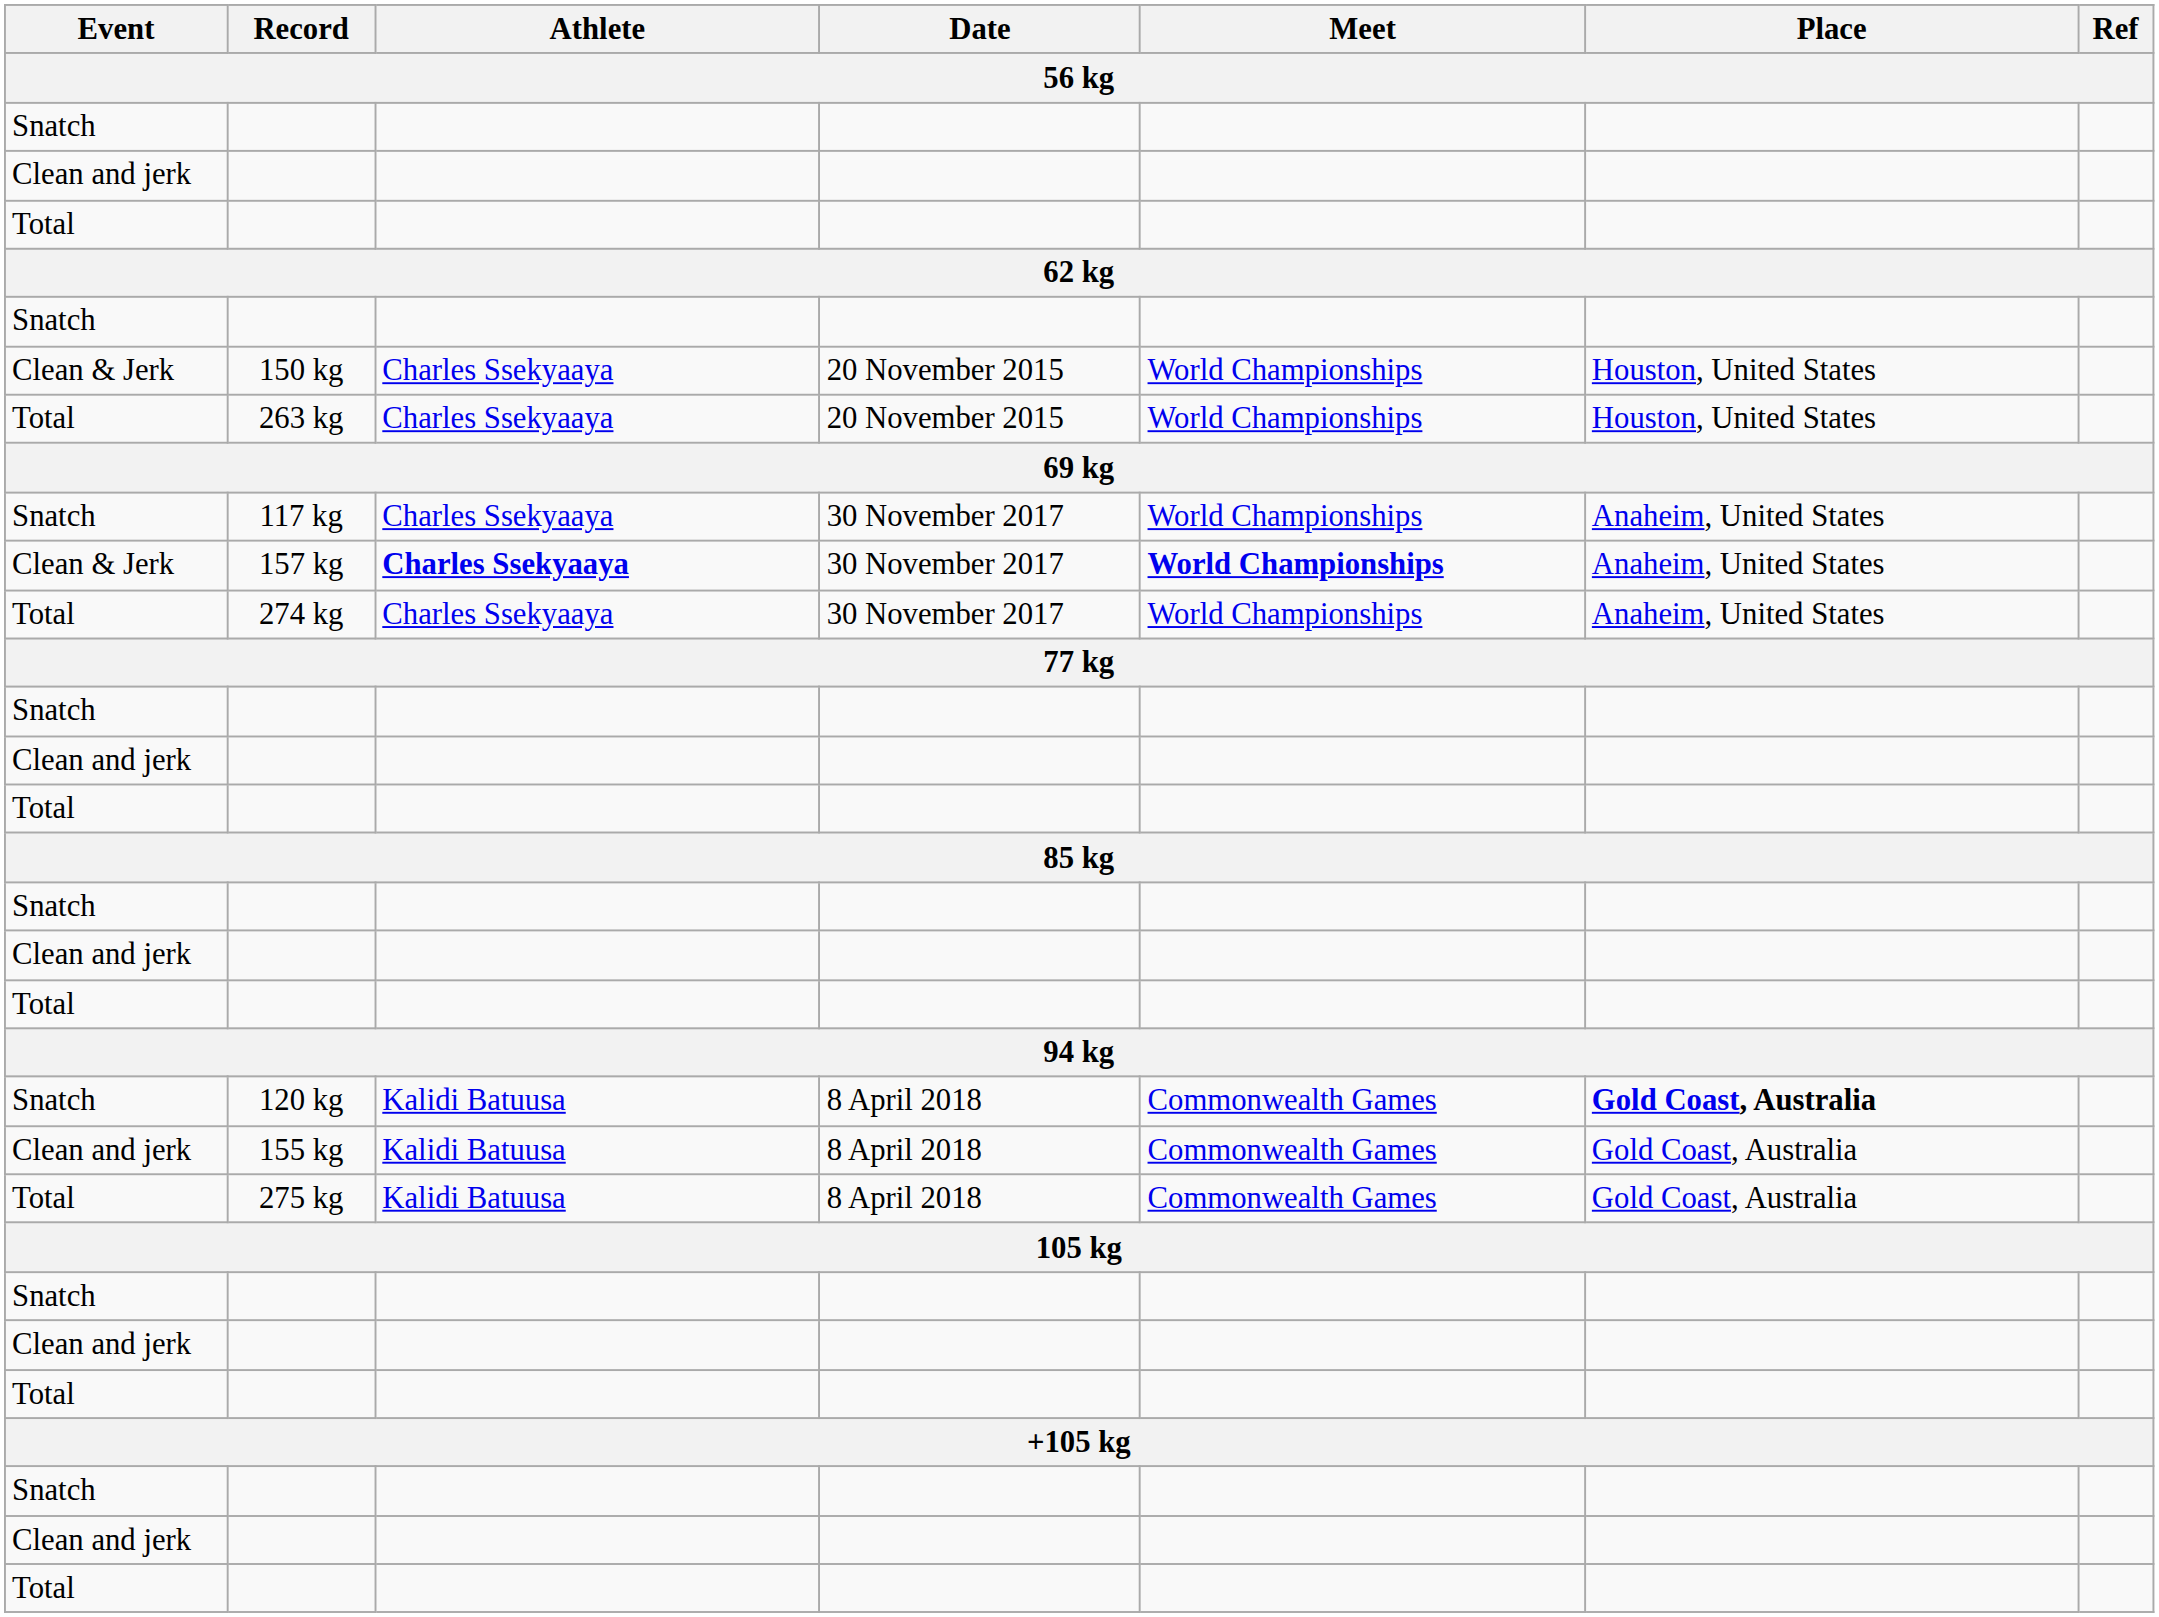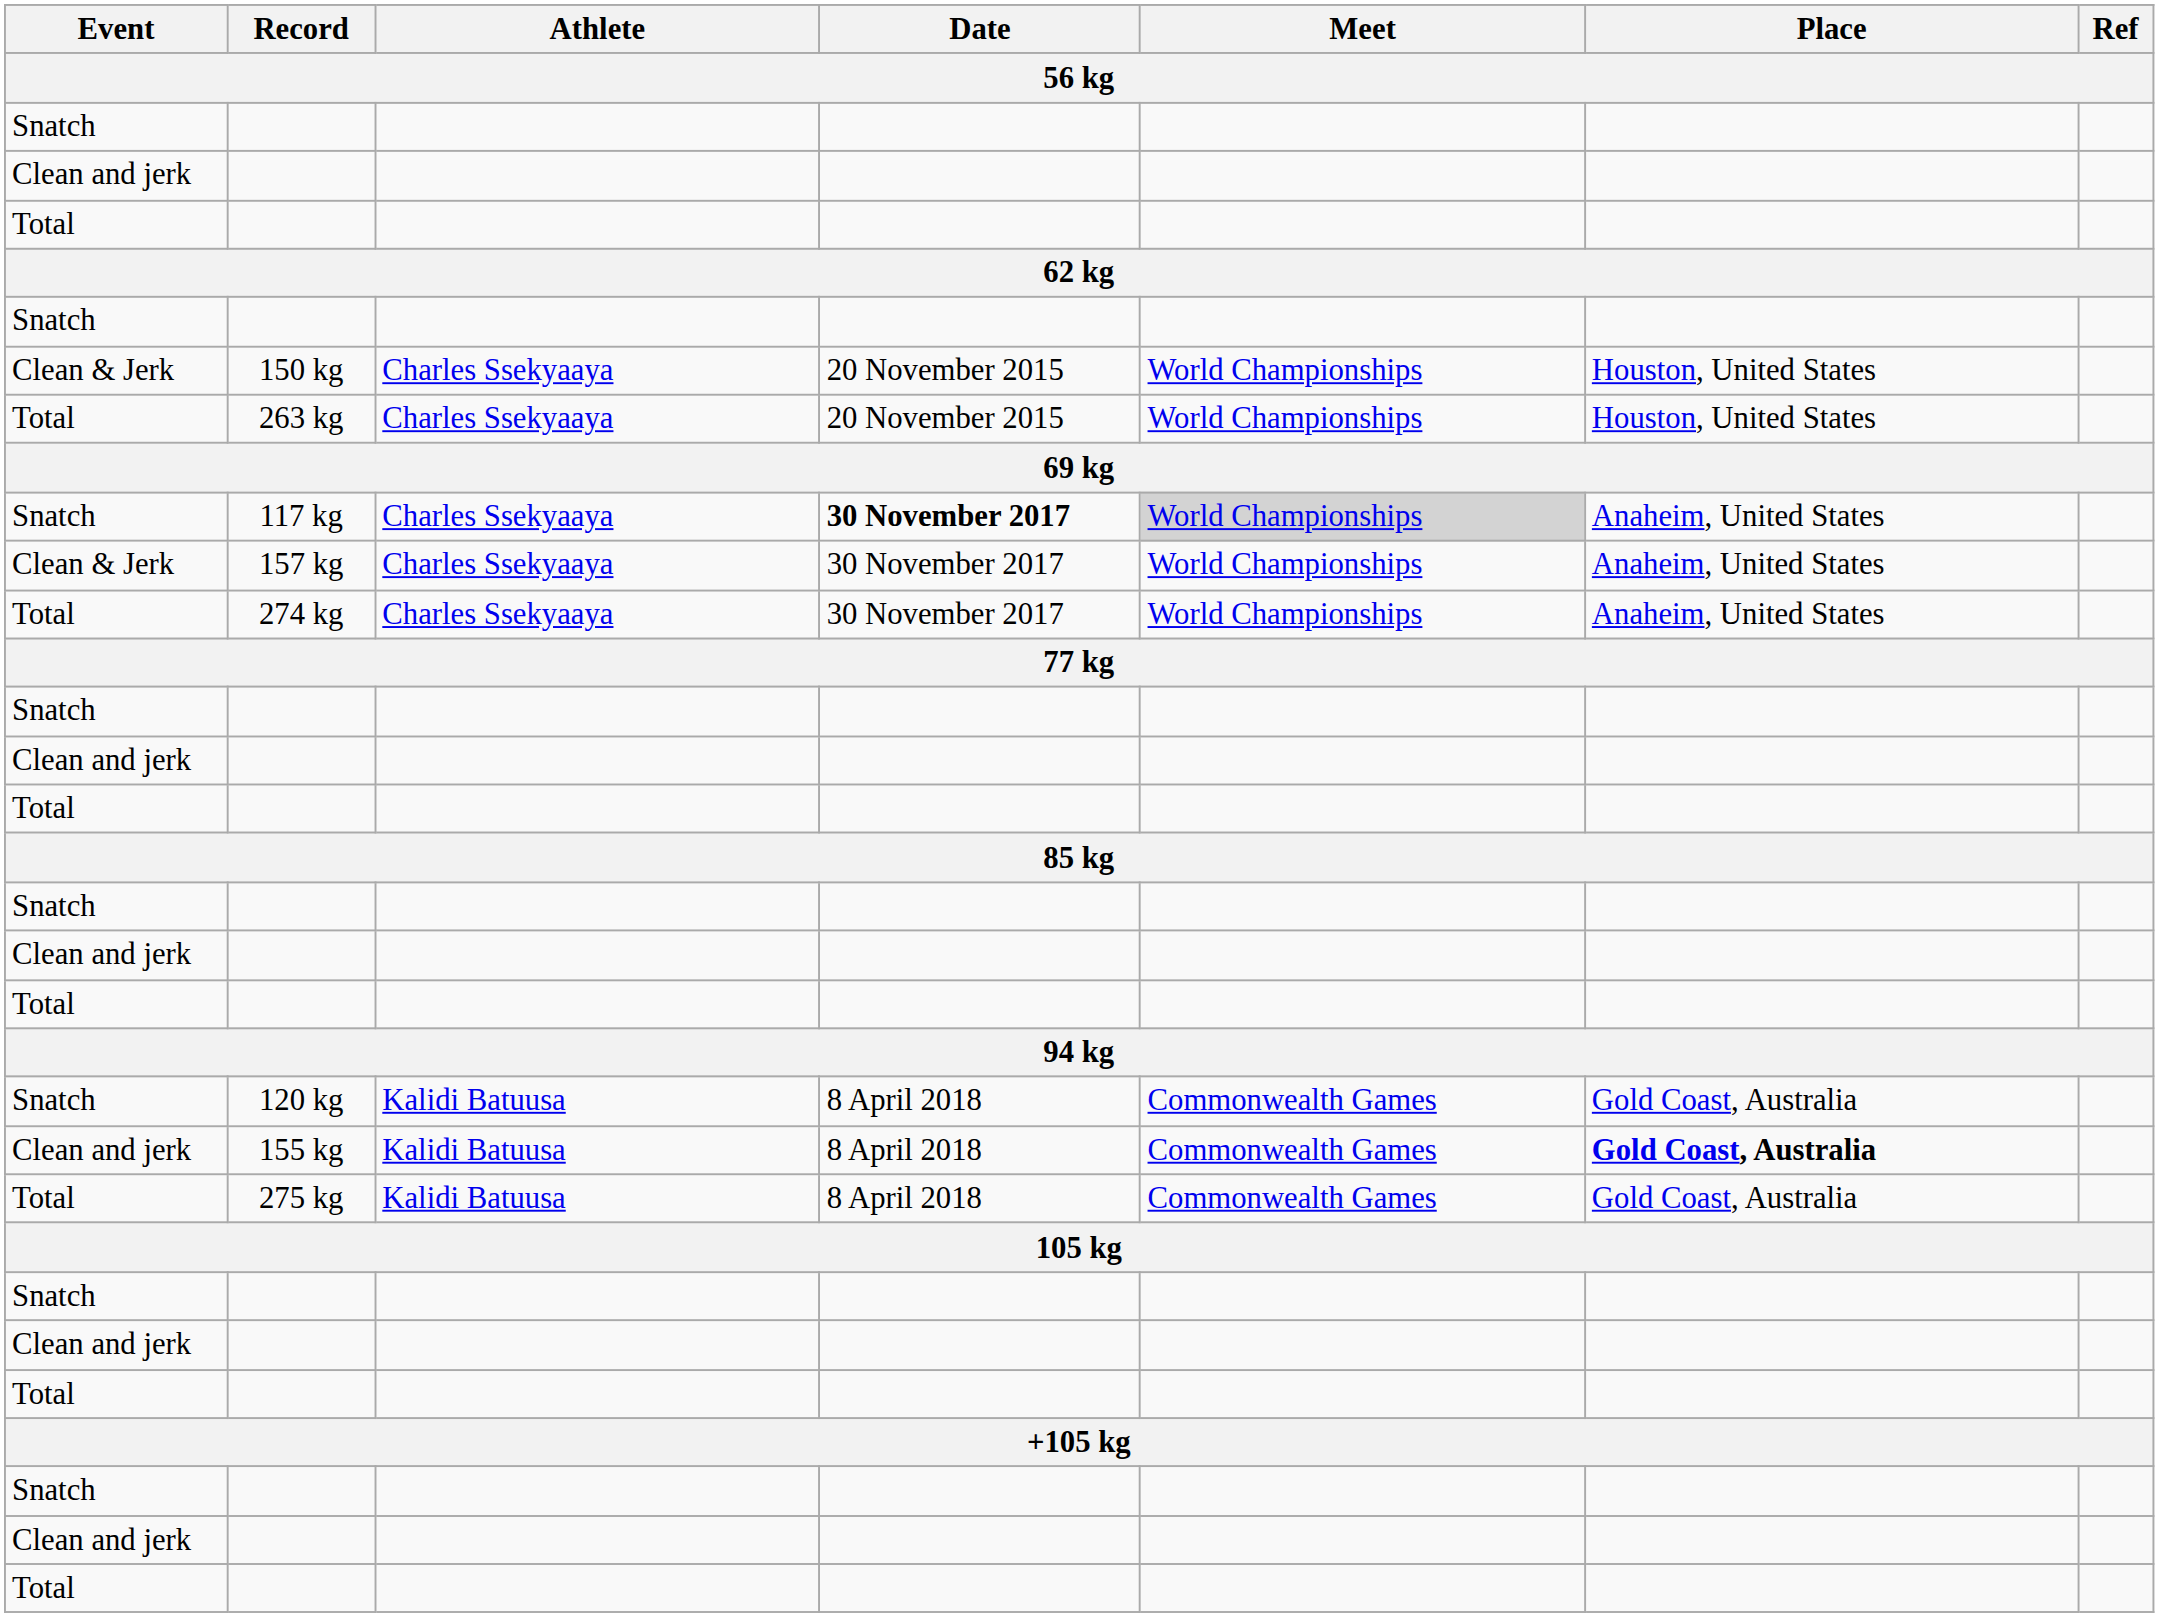 <table class="wikitable">
 <tr>
 <th width=9%>Event</th>
 <th width=6%>Record</th>
 <th width=18%>Athlete</th>
 <th width=13%>Date</th>
 <th width=18%>Meet</th>
 <th width=20%>Place</th>
 <th width=3%>Ref</th>
 </tr>
 <tr bgcolor="#DDDDDD">
 <th colspan="8">56 kg</th>
 </tr>
 <tr>
 <td>Snatch</td>
 <td></td>
 <td></td>
 <td></td>
 <td></td>
 <td></td>
 <td></td>
 </tr>
 <tr>
 <td>Clean and jerk</td>
 <td></td>
 <td></td>
 <td></td>
 <td></td>
 <td></td>
 <td></td>
 </tr>
 <tr>
 <td>Total</td>
 <td></td>
 <td></td>
 <td></td>
 <td></td>
 <td></td>
 <td></td>
 </tr>
 <tr bgcolor="#DDDDDD">
 <th colspan="8">62 kg</th>
 </tr>
 <tr>
 <td>Snatch</td>
 <td></td>
 <td></td>
 <td></td>
 <td></td>
 <td></td>
 <td></td>
 </tr>
 <tr>
 <td>Clean & Jerk</td>
 <td align="center">150 kg</td>
 <td><a href='#'>Charles Ssekyaaya</a></td>
 <td>20 November 2015</td>
 <td><a href='#'>World Championships</a></td>
 <td><a href='#'>Houston</a>, United States</td>
 <td></td>
 </tr>
 <tr>
 <td>Total</td>
 <td align="center">263 kg</td>
 <td><a href='#'>Charles Ssekyaaya</a></td>
 <td>20 November 2015</td>
 <td><a href='#'>World Championships</a></td>
 <td><a href='#'>Houston</a>, United States</td>
 <td></td>
 </tr>
 <tr bgcolor="#DDDDDD">
 <th colspan="8">69 kg</th>
 </tr>
 <tr>
 <td>Snatch</td>
 <td align="center">117 kg</td>
 <td><a href='#'>Charles Ssekyaaya</a></td>
-<td>30 November 2017</td>
-<td><a href='#'>World Championships</a></td>
+<td><strong>30 November 2017</strong></td>
+<td style="background: lightgrey;"><a href='#'>World Championships</a></td>
 <td><a href='#'>Anaheim</a>, United States</td>
 <td></td>
 </tr>
 <tr>
 <td>Clean & Jerk</td>
 <td align="center">157 kg</td>
-<td><strong><a href='#'>Charles Ssekyaaya</a></strong></td>
+<td><a href='#'>Charles Ssekyaaya</a></td>
 <td>30 November 2017</td>
-<td><strong><a href='#'>World Championships</a></strong></td>
+<td><a href='#'>World Championships</a></td>
 <td><a href='#'>Anaheim</a>, United States</td>
 <td></td>
 </tr>
 <tr>
 <td>Total</td>
 <td align="center">274 kg</td>
 <td><a href='#'>Charles Ssekyaaya</a></td>
 <td>30 November 2017</td>
 <td><a href='#'>World Championships</a></td>
 <td><a href='#'>Anaheim</a>, United States</td>
 <td></td>
 </tr>
 <tr bgcolor="#DDDDDD">
 <th colspan="8">77 kg</th>
 </tr>
 <tr>
 <td>Snatch</td>
 <td></td>
 <td></td>
 <td></td>
 <td></td>
 <td></td>
 <td></td>
 </tr>
 <tr>
 <td>Clean and jerk</td>
 <td align="center"></td>
 <td></td>
 <td></td>
 <td></td>
 <td></td>
 <td></td>
 </tr>
 <tr>
 <td>Total</td>
 <td></td>
 <td></td>
 <td></td>
 <td></td>
 <td></td>
 <td></td>
 </tr>
 <tr bgcolor="#DDDDDD">
 <th colspan="8">85 kg</th>
 </tr>
 <tr>
 <td>Snatch</td>
 <td align="center"></td>
 <td></td>
 <td></td>
 <td></td>
 <td></td>
 <td></td>
 </tr>
 <tr>
 <td>Clean and jerk</td>
 <td align="center"></td>
 <td></td>
 <td></td>
 <td></td>
 <td></td>
 <td></td>
 </tr>
 <tr>
 <td>Total</td>
 <td align="center"></td>
 <td></td>
 <td></td>
 <td></td>
 <td></td>
 <td></td>
 </tr>
 <tr bgcolor="#DDDDDD">
 <th colspan="8">94 kg</th>
 </tr>
 <tr>
 <td>Snatch</td>
 <td align="center">120 kg</td>
 <td><a href='#'>Kalidi Batuusa</a></td>
 <td>8 April 2018</td>
 <td><a href='#'>Commonwealth Games</a></td>
-<td><strong><a href='#'>Gold Coast</a>, Australia</strong></td>
+<td><a href='#'>Gold Coast</a>, Australia</td>
 <td></td>
 </tr>
 <tr>
 <td>Clean and jerk</td>
 <td align="center">155 kg</td>
 <td><a href='#'>Kalidi Batuusa</a></td>
 <td>8 April 2018</td>
 <td><a href='#'>Commonwealth Games</a></td>
-<td><a href='#'>Gold Coast</a>, Australia</td>
+<td><strong><a href='#'>Gold Coast</a>, Australia</strong></td>
 <td></td>
 </tr>
 <tr>
 <td>Total</td>
 <td align="center">275 kg</td>
 <td><a href='#'>Kalidi Batuusa</a></td>
 <td>8 April 2018</td>
 <td><a href='#'>Commonwealth Games</a></td>
 <td><a href='#'>Gold Coast</a>, Australia</td>
 <td></td>
 </tr>
 <tr bgcolor="#DDDDDD">
 <th colspan="8">105 kg</th>
 </tr>
 <tr>
 <td>Snatch</td>
 <td></td>
 <td></td>
 <td></td>
 <td></td>
 <td></td>
 <td></td>
 </tr>
 <tr>
 <td>Clean and jerk</td>
 <td align="center"></td>
 <td></td>
 <td></td>
 <td></td>
 <td></td>
 <td></td>
 </tr>
 <tr>
 <td>Total</td>
 <td></td>
 <td></td>
 <td></td>
 <td></td>
 <td></td>
 <td></td>
 </tr>
 <tr bgcolor="#DDDDDD">
 <th colspan="8">+105 kg</th>
 </tr>
 <tr>
 <td>Snatch</td>
 <td align="center"></td>
 <td></td>
 <td></td>
 <td></td>
 <td></td>
 <td></td>
 </tr>
 <tr>
 <td>Clean and jerk</td>
 <td></td>
 <td></td>
 <td></td>
 <td></td>
 <td></td>
 <td></td>
 </tr>
 <tr>
 <td>Total</td>
 <td></td>
 <td></td>
 <td></td>
 <td></td>
 <td></td>
 <td></td>
 </tr>
 </table>
